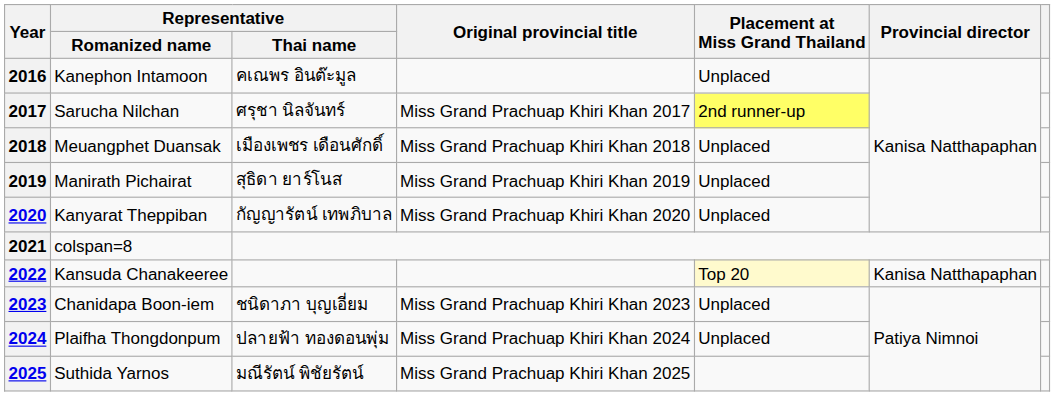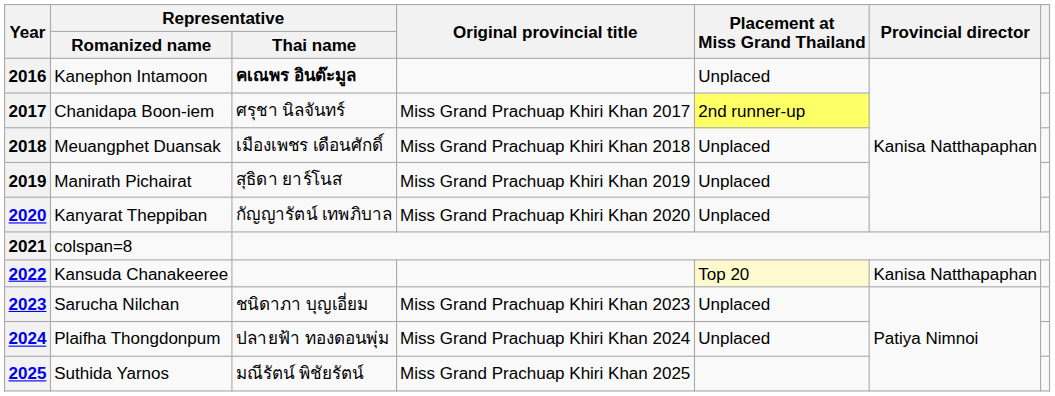 <table class="wikitable defaultcenter col2left col3left col6left" style="font-size:95%;">
 <tr>
 <th rowspan=2>Year</th>
 <th colspan=2>Representative</th>
 <th rowspan=2>Original provincial title</th>
 <th rowspan=2>Placement at<br>Miss Grand Thailand</th>
 <th rowspan=2>Provincial director</th>
 <th rowspan=2></th>
 </tr>
 <tr>
 <th>Romanized name</th>
 <th>Thai name</th>
 </tr>
 <tr>
 <th>2016</th>
 <td>Kanephon Intamoon</td>
-<td>คเณพร อินต๊ะมูล</td>
+<td><strong>คเณพร อินต๊ะมูล</strong></td>
 <td></td>
 <td>Unplaced</td>
 <td rowspan=5>Kanisa Natthapaphan</td>
 <td></td>
 </tr>
 <tr>
 <th>2017</th>
-<td>Sarucha Nilchan</td>
+<td>Chanidapa Boon-iem</td>
 <td>ศรุชา นิลจันทร์</td>
 <td>Miss Grand Prachuap Khiri Khan 2017</td>
 <td bgcolor=#FFFF66>2nd runner-up</td>
 <td></td>
 </tr>
 <tr>
 <th>2018</th>
 <td>Meuangphet Duansak</td>
 <td>เมืองเพชร เดือนศักดิ์</td>
 <td>Miss Grand Prachuap Khiri Khan 2018</td>
 <td>Unplaced</td>
 <td></td>
 </tr>
 <tr>
 <th>2019</th>
 <td>Manirath Pichairat</td>
 <td>สุธิดา ยาร์โนส</td>
 <td>Miss Grand Prachuap Khiri Khan 2019</td>
 <td>Unplaced</td>
 <td></td>
 </tr>
 <tr>
 <th><a href='#'>2020</a></th>
 <td>Kanyarat Theppiban</td>
 <td>กัญญารัตน์ เทพภิบาล</td>
 <td>Miss Grand Prachuap Khiri Khan 2020</td>
 <td>Unplaced</td>
 <td></td>
 </tr>
 <tr>
 <th>2021</th>
 <td>colspan=8 </td>
 </tr>
 <tr>
 <th><a href='#'>2022</a></th>
 <td>Kansuda Chanakeeree</td>
 <td></td>
 <td></td>
 <td bgcolor=#FFFACD>Top 20</td>
 <td>Kanisa Natthapaphan</td>
 <td></td>
 </tr>
 <tr>
 <th><a href='#'>2023</a></th>
-<td>Chanidapa Boon-iem</td>
+<td>Sarucha Nilchan</td>
 <td>ชนิดาภา บุญเอี่ยม</td>
 <td>Miss Grand Prachuap Khiri Khan 2023</td>
 <td>Unplaced</td>
 <td rowspan=3>Patiya Nimnoi</td>
 <td></td>
 </tr>
 <tr>
 <th><a href='#'>2024</a></th>
 <td>Plaifha Thongdonpum</td>
 <td>ปลายฟ้า ทองดอนพุ่ม</td>
 <td>Miss Grand Prachuap Khiri Khan 2024</td>
 <td>Unplaced</td>
 <td></td>
 </tr>
 <tr>
 <th><a href='#'>2025</a></th>
 <td>Suthida Yarnos</td>
 <td>มณีรัตน์ พิชัยรัตน์</td>
 <td>Miss Grand Prachuap Khiri Khan 2025</td>
 <td></td>
 <td></td>
 </tr>
 </table>
